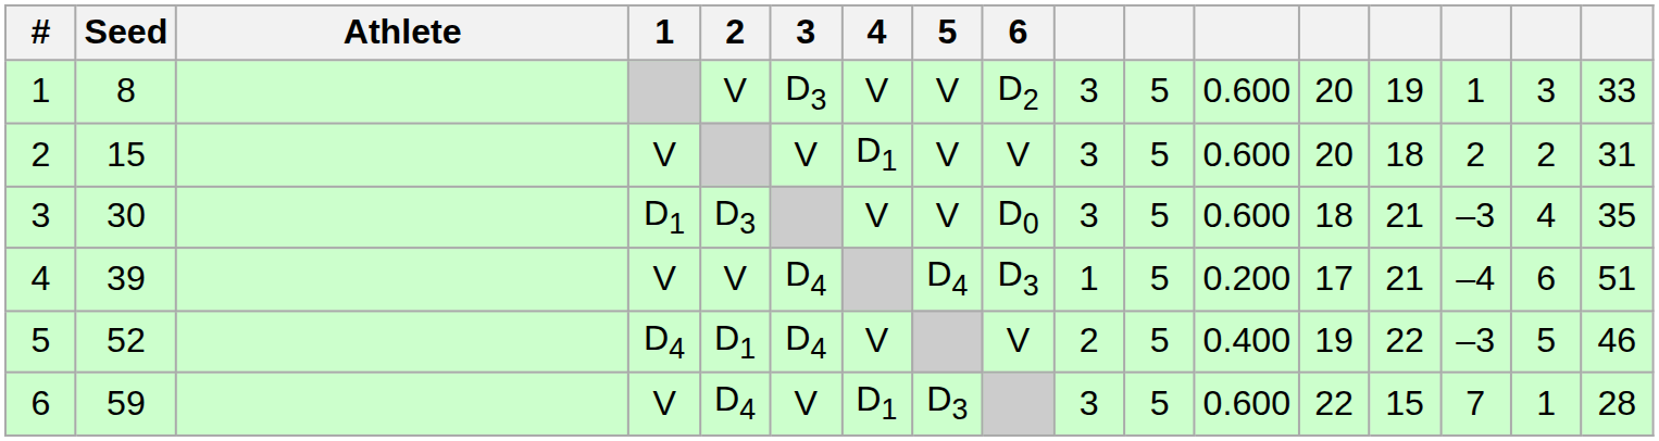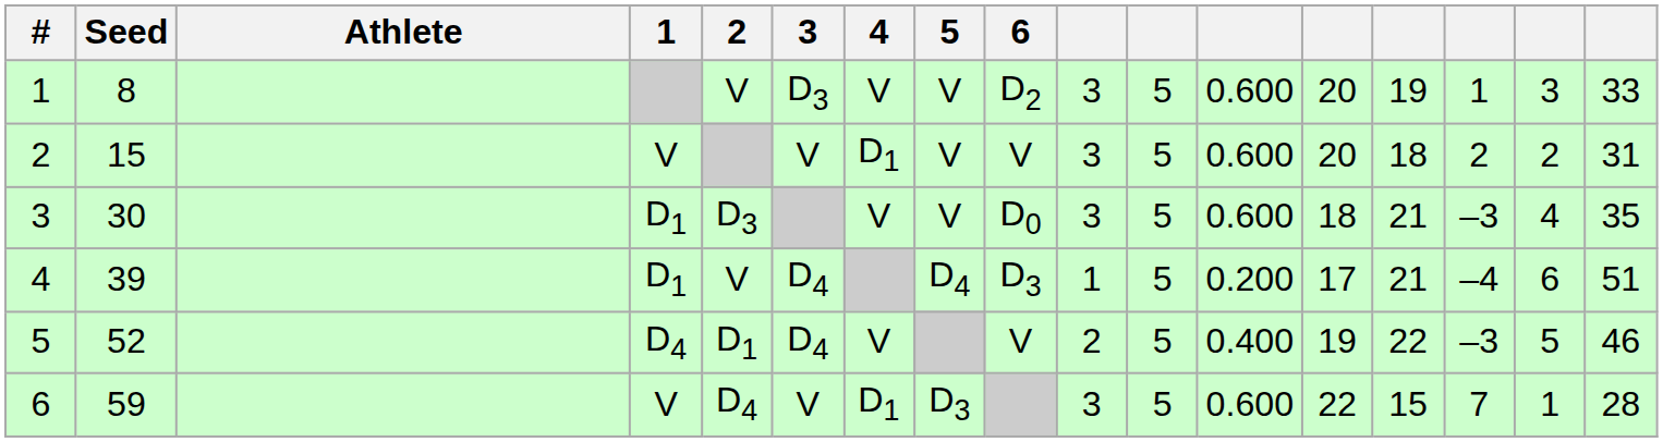 <table class="wikitable" style="text-align:center">
 <tr>
 <th width="25">#</th>
 <th width="25">Seed</th>
 <th width="200">Athlete</th>
 <th width="25">1</th>
 <th width="25">2</th>
 <th width="25">3</th>
 <th width="25">4</th>
 <th width="25">5</th>
 <th width="25">6</th>
 <th width="25"></th>
 <th width="25"></th>
 <th width="40"></th>
 <th width="25"></th>
 <th width="25"></th>
 <th width="25"></th>
 <th width="25"></th>
 <th width="25"></th>
 </tr>
 <tr bgcolor="#ccffcc">
 <td>1</td>
 <td>8</td>
 <td align=left></td>
 <td bgcolor="#cccccc"></td>
 <td>V</td>
 <td>D<sub>3</sub></td>
 <td>V</td>
 <td>V</td>
 <td>D<sub>2</sub></td>
 <td>3</td>
 <td>5</td>
 <td>0.600</td>
 <td>20</td>
 <td>19</td>
 <td>1</td>
 <td>3</td>
 <td>33</td>
 </tr>
 <tr bgcolor="#ccffcc">
 <td>2</td>
 <td>15</td>
 <td align=left></td>
 <td>V</td>
 <td bgcolor="#cccccc"></td>
 <td>V</td>
 <td>D<sub>1</sub></td>
 <td>V</td>
 <td>V</td>
 <td>3</td>
 <td>5</td>
 <td>0.600</td>
 <td>20</td>
 <td>18</td>
 <td>2</td>
 <td>2</td>
 <td>31</td>
 </tr>
 <tr bgcolor="#ccffcc">
 <td>3</td>
 <td>30</td>
 <td align=left></td>
 <td>D<sub>1</sub></td>
 <td>D<sub>3</sub></td>
 <td bgcolor="#cccccc"></td>
 <td>V</td>
 <td>V</td>
 <td>D<sub>0</sub></td>
 <td>3</td>
 <td>5</td>
 <td>0.600</td>
 <td>18</td>
 <td>21</td>
 <td>–3</td>
 <td>4</td>
 <td>35</td>
 </tr>
 <tr bgcolor="#ccffcc">
 <td>4</td>
 <td>39</td>
 <td align=left></td>
-<td>V</td>
+<td>D<sub>1</sub></td>
 <td>V</td>
 <td>D<sub>4</sub></td>
 <td bgcolor="#cccccc"></td>
 <td>D<sub>4</sub></td>
 <td>D<sub>3</sub></td>
 <td>1</td>
 <td>5</td>
 <td>0.200</td>
 <td>17</td>
 <td>21</td>
 <td>–4</td>
 <td>6</td>
 <td>51</td>
 </tr>
 <tr bgcolor="#ccffcc">
 <td>5</td>
 <td>52</td>
 <td align=left></td>
 <td>D<sub>4</sub></td>
 <td>D<sub>1</sub></td>
 <td>D<sub>4</sub></td>
 <td>V</td>
 <td bgcolor="#cccccc"></td>
 <td>V</td>
 <td>2</td>
 <td>5</td>
 <td>0.400</td>
 <td>19</td>
 <td>22</td>
 <td>–3</td>
 <td>5</td>
 <td>46</td>
 </tr>
 <tr bgcolor="#ccffcc">
 <td>6</td>
 <td>59</td>
 <td align=left></td>
 <td>V</td>
 <td>D<sub>4</sub></td>
 <td>V</td>
 <td>D<sub>1</sub></td>
 <td>D<sub>3</sub></td>
 <td bgcolor="#cccccc"></td>
 <td>3</td>
 <td>5</td>
 <td>0.600</td>
 <td>22</td>
 <td>15</td>
 <td>7</td>
 <td>1</td>
 <td>28</td>
 </tr>
 </table>
